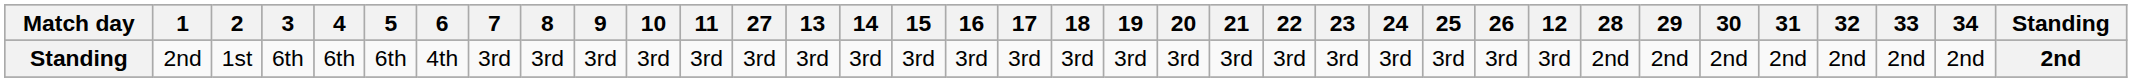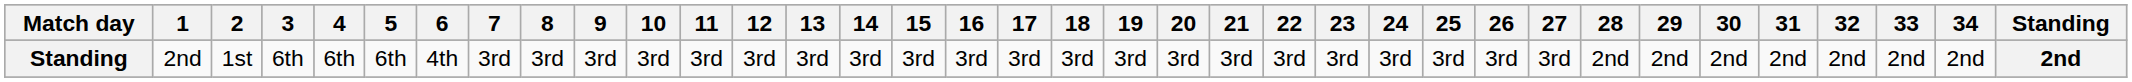 <table class="wikitable" style="width:100%; font-size:85%;">
 <tr valign=top>
 <th align=center>Match day</th>
 <th align=center>1</th>
 <th align=center>2</th>
 <th align=center>3</th>
 <th align=center>4</th>
 <th align=center>5</th>
 <th align=center>6</th>
 <th align=center>7</th>
 <th align=center>8</th>
 <th align=center>9</th>
 <th align=center>10</th>
 <th align=center>11</th>
-<th align=center>27</th>
+<th align=center>12</th>
 <th align=center>13</th>
 <th align=center>14</th>
 <th align=center>15</th>
 <th align=center>16</th>
 <th align=center>17</th>
 <th align=center>18</th>
 <th align=center>19</th>
 <th align=center>20</th>
 <th align=center>21</th>
 <th align=center>22</th>
 <th align=center>23</th>
 <th align=center>24</th>
 <th align=center>25</th>
 <th align=center>26</th>
-<th align=center>12</th>
+<th align=center>27</th>
 <th align=center>28</th>
 <th align=center>29</th>
 <th align=center>30</th>
 <th align=center>31</th>
 <th align=center>32</th>
 <th align=center>33</th>
 <th align=center>34</th>
 <th align=center><strong>Standing</strong></th>
 </tr>
 <tr>
 <th align=center>Standing</th>
 <td align=center>2nd</td>
 <td align=center>1st</td>
 <td align=center>6th</td>
 <td align=center>6th</td>
 <td align=center>6th</td>
 <td align=center>4th</td>
 <td align=center>3rd</td>
 <td align=center>3rd</td>
 <td align=center>3rd</td>
 <td align=center>3rd</td>
 <td align=center>3rd</td>
 <td align=center>3rd</td>
 <td align=center>3rd</td>
 <td align=center>3rd</td>
 <td align=center>3rd</td>
 <td align=center>3rd</td>
 <td align=center>3rd</td>
 <td align=center>3rd</td>
 <td align=center>3rd</td>
 <td align=center>3rd</td>
 <td align=center>3rd</td>
 <td align=center>3rd</td>
 <td align=center>3rd</td>
 <td align=center>3rd</td>
 <td align=center>3rd</td>
 <td align=center>3rd</td>
 <td align=center>3rd</td>
 <td align=center>2nd</td>
 <td align=center>2nd</td>
 <td align=center>2nd</td>
 <td align=center>2nd</td>
 <td align=center>2nd</td>
 <td align=center>2nd</td>
 <td align=center>2nd</td>
 <th align=center><strong>2nd</strong></th>
 </tr>
 </table>
